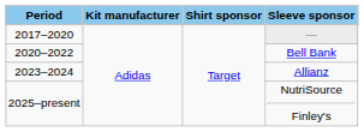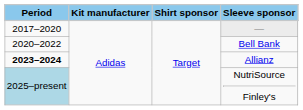 <table class="wikitable" style="text-align: center">
 <tr>
 <th style="background:#8AC8EC; color:#000000; border:2px solid #C4C7C9;" scope="col">Period</th>
 <th style="background:#8AC8EC; color:#000000; border:2px solid #C4C7C9;" scope="col">Kit manufacturer</th>
 <th style="background:#8AC8EC; color:#000000; border:2px solid #C4C7C9;" scope="col">Shirt sponsor</th>
 <th style="background:#8AC8EC; color:#000000; border:2px solid #C4C7C9;" scope="col">Sleeve sponsor</th>
 </tr>
 <tr>
 <td>2017–2020</td>
 <td rowspan="4"><a href='#'>Adidas</a></td>
 <td rowspan="4"><a href='#'>Target</a></td>
 <td style="background:#ececec; color:gray">—</td>
 </tr>
 <tr>
 <td>2020–2022</td>
 <td><a href='#'>Bell Bank</a></td>
 </tr>
 <tr>
-<td>2023–2024</td>
+<td><strong>2023–2024</strong></td>
 <td><a href='#'>Allianz</a></td>
 </tr>
 <tr>
-<td>2025–present</td>
+<td style="background: lightblue;">2025–present</td>
 <td>NutriSource <hr> Finley's</td>
 </tr>
 </table>
